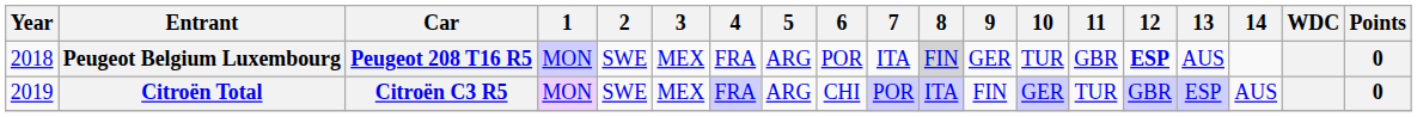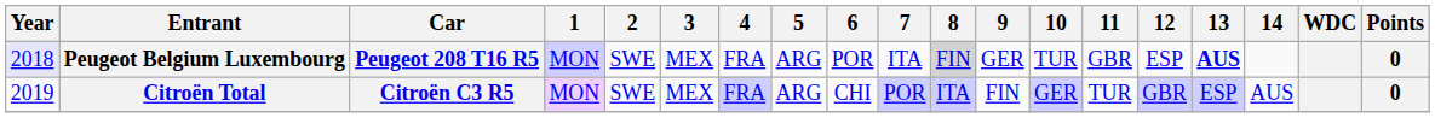 <table class="wikitable" border="1" style="text-align:center; font-size:90%;">
 <tr>
 <th>Year</th>
 <th>Entrant</th>
 <th>Car</th>
 <th>1</th>
 <th>2</th>
 <th>3</th>
 <th>4</th>
 <th>5</th>
 <th>6</th>
 <th>7</th>
 <th>8</th>
 <th>9</th>
 <th>10</th>
 <th>11</th>
 <th>12</th>
 <th>13</th>
 <th>14</th>
 <th>WDC</th>
 <th>Points</th>
 </tr>
 <tr>
-<td><a href='#'>2018</a></td>
+<td style="background: lavender;"><a href='#'>2018</a></td>
 <th>Peugeot Belgium Luxembourg</th>
 <th><a href='#'>Peugeot 208 T16 R5</a></th>
 <td style="background:#CFCFFF;"><a href='#'>MON</a><br></td>
 <td><a href='#'>SWE</a></td>
 <td><a href='#'>MEX</a></td>
 <td><a href='#'>FRA</a></td>
 <td><a href='#'>ARG</a></td>
 <td><a href='#'>POR</a></td>
 <td><a href='#'>ITA</a></td>
 <td style="background: lightgrey;"><a href='#'>FIN</a></td>
 <td><a href='#'>GER</a></td>
 <td><a href='#'>TUR</a></td>
 <td><a href='#'>GBR</a></td>
-<td><strong><a href='#'>ESP</a></strong></td>
-<td><a href='#'>AUS</a></td>
+<td><a href='#'>ESP</a></td>
+<td><strong><a href='#'>AUS</a></strong></td>
 <td></td>
 <th></th>
 <th>0</th>
 </tr>
 <tr>
 <td><a href='#'>2019</a></td>
 <th><a href='#'>Citroën Total</a></th>
 <th><a href='#'>Citroën C3 R5</a></th>
 <td style="background:#EFCFFF;"><a href='#'>MON</a><br></td>
 <td><a href='#'>SWE</a></td>
 <td><a href='#'>MEX</a></td>
 <td style="background:#CFCFFF;"><a href='#'>FRA</a><br></td>
 <td><a href='#'>ARG</a></td>
 <td><a href='#'>CHI</a></td>
 <td style="background:#CFCFFF;"><a href='#'>POR</a><br></td>
 <td style="background:#CFCFFF;"><a href='#'>ITA</a><br></td>
 <td><a href='#'>FIN</a></td>
 <td style="background:#CFCFFF;"><a href='#'>GER</a><br></td>
 <td><a href='#'>TUR</a></td>
 <td style="background:#CFCFFF;"><a href='#'>GBR</a><br></td>
 <td style="background:#CFCFFF;"><a href='#'>ESP</a><br></td>
 <td><a href='#'>AUS</a></td>
 <th></th>
 <th>0</th>
 </tr>
 <tr>
 </tr>
 </table>
